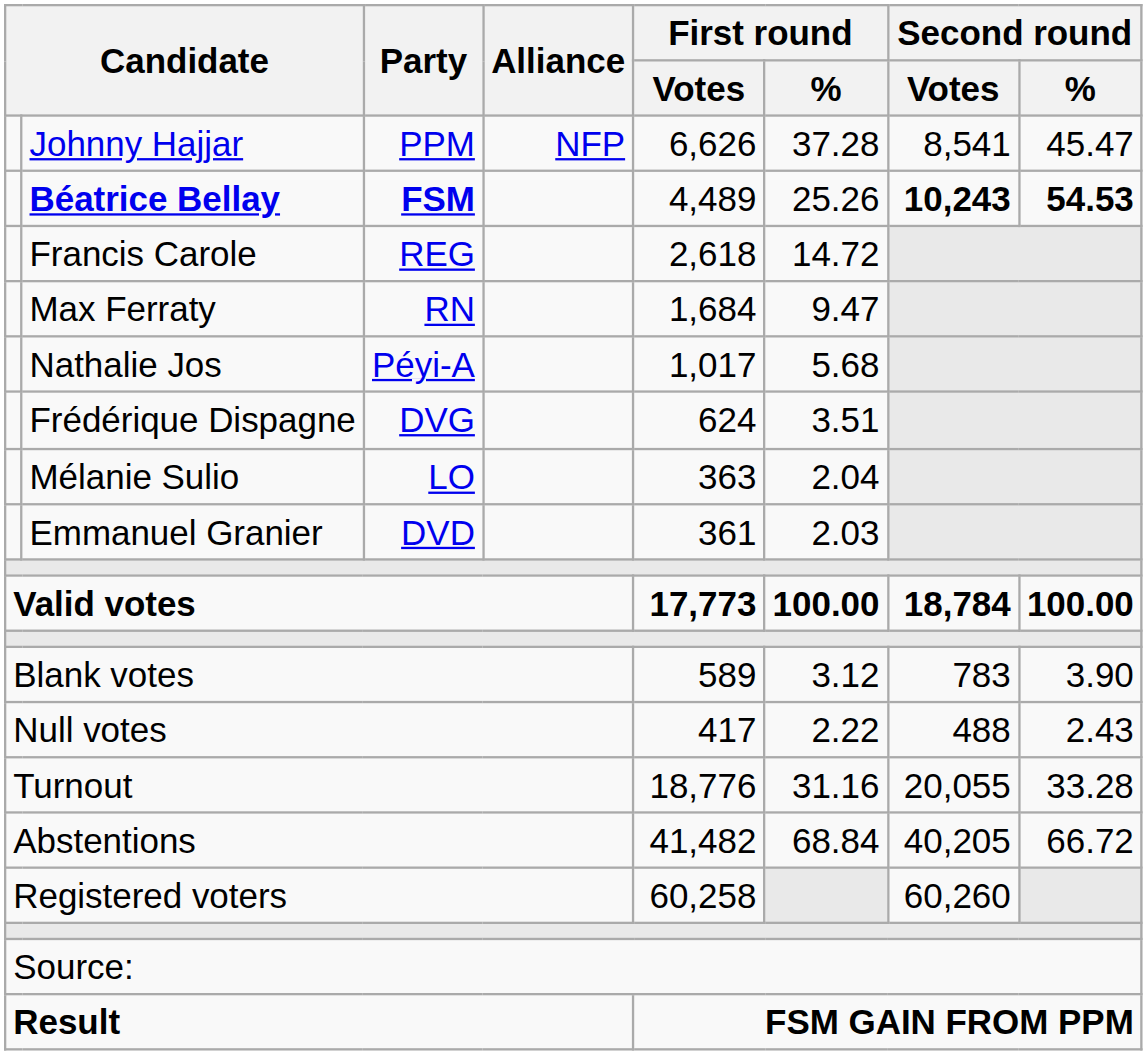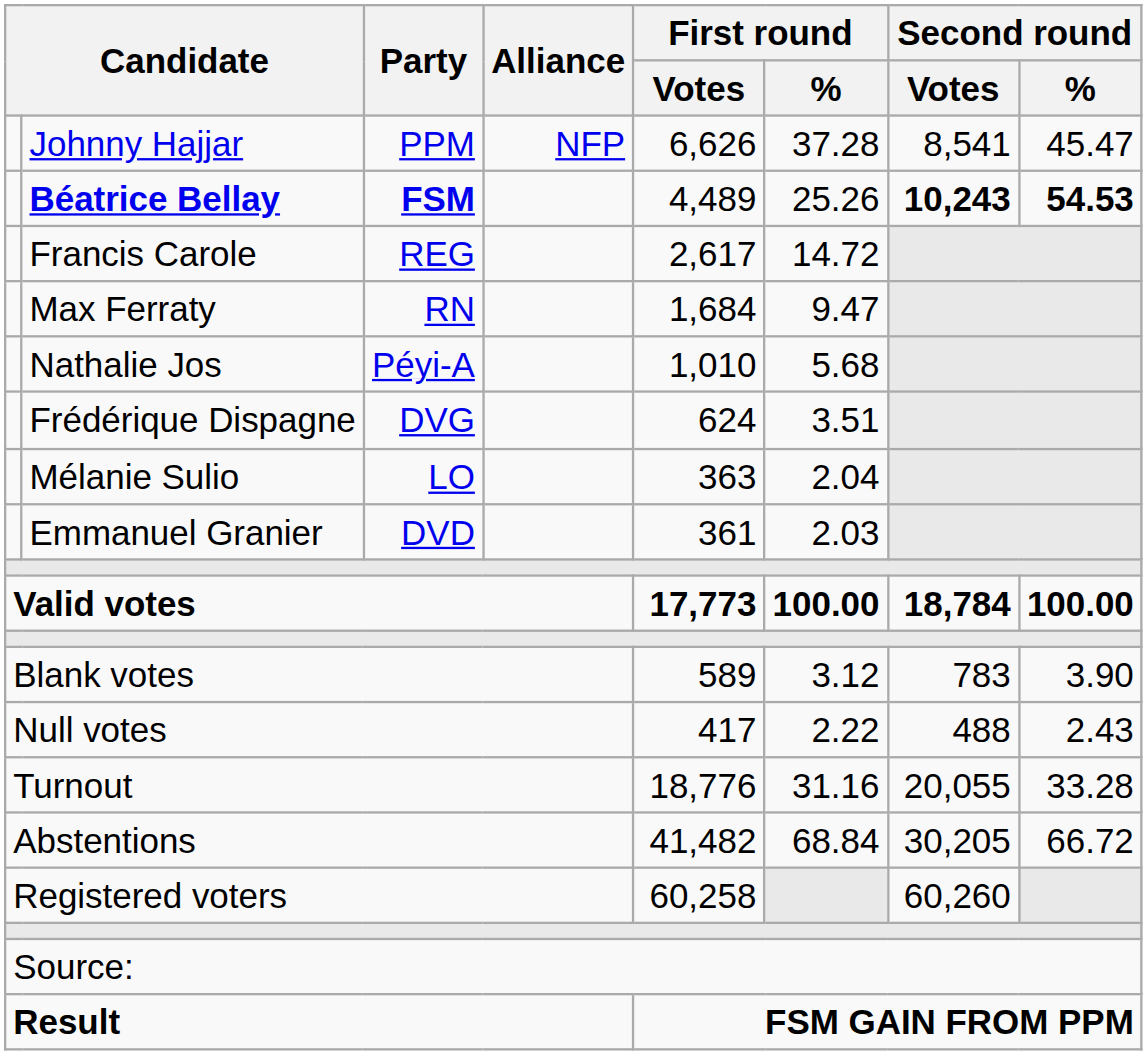 <table class="wikitable" style="text-align:right;font-size:95%;">
 <tr>
 <th colspan="2" rowspan="2">Candidate</th>
 <th colspan="1" rowspan="2">Party</th>
 <th colspan="1" rowspan="2">Alliance</th>
 <th colspan="2">First round</th>
 <th colspan="2">Second round</th>
 </tr>
 <tr>
 <th style="width:50px;">Votes</th>
 <th style="width:45px;">%</th>
 <th style="width:50px;">Votes</th>
 <th style="width:45px;">%</th>
 </tr>
 <tr>
 <td style="color:inherit;background:"></td>
 <td style="text-align:left;"><a href='#'>Johnny Hajjar</a></td>
 <td><a href='#'>PPM</a></td>
 <td><a href='#'>NFP</a></td>
 <td>6,626</td>
 <td>37.28</td>
 <td>8,541</td>
 <td>45.47</td>
 </tr>
 <tr>
 <td style="color:inherit;background:"></td>
 <td style="text-align:left;"><strong><a href='#'>Béatrice Bellay</a></strong></td>
 <td><a href='#'><strong>FSM</strong></a></td>
 <td></td>
 <td>4,489</td>
 <td>25.26</td>
 <td><strong>10,243</strong></td>
 <td><strong>54.53</strong></td>
 </tr>
 <tr>
 <td style="color:inherit;background:"></td>
 <td style="text-align:left;">Francis Carole</td>
 <td><a href='#'>REG</a></td>
 <td></td>
-<td>2,618</td>
+<td>2,617</td>
 <td>14.72</td>
 <td colspan="2" rowspan="1" style="background:#E9E9E9;"></td>
 </tr>
 <tr>
 <td style="color:inherit;background:"></td>
 <td style="text-align:left;">Max Ferraty</td>
 <td><a href='#'>RN</a></td>
 <td></td>
 <td>1,684</td>
 <td>9.47</td>
 <td colspan="2" rowspan="1" style="background:#E9E9E9;"></td>
 </tr>
 <tr>
 <td style="color:inherit;background:"></td>
 <td style="text-align:left;">Nathalie Jos</td>
 <td><a href='#'>Péyi-A</a></td>
 <td></td>
-<td>1,017</td>
+<td>1,010</td>
 <td>5.68</td>
 <td colspan="2" rowspan="1" style="background:#E9E9E9;"></td>
 </tr>
 <tr>
 <td style="color:inherit;background:"></td>
 <td style="text-align:left;">Frédérique Dispagne</td>
 <td><a href='#'>DVG</a></td>
 <td></td>
 <td>624</td>
 <td>3.51</td>
 <td colspan="2" rowspan="1" style="background:#E9E9E9;"></td>
 </tr>
 <tr>
 <td style="color:inherit;background:"></td>
 <td style="text-align:left;">Mélanie Sulio</td>
 <td><a href='#'>LO</a></td>
 <td></td>
 <td>363</td>
 <td>2.04</td>
 <td colspan="2" rowspan="1" style="background:#E9E9E9;"></td>
 </tr>
 <tr>
 <td style="color:inherit;background:"></td>
 <td style="text-align:left;">Emmanuel Granier</td>
 <td><a href='#'>DVD</a></td>
 <td></td>
 <td>361</td>
 <td>2.03</td>
 <td colspan="2" rowspan="1" style="background:#E9E9E9;"></td>
 </tr>
 <tr>
 <td colspan="8" style="background:#E9E9E9;"></td>
 </tr>
 <tr style="font-weight:bold;">
 <td colspan="4" style="text-align:left;">Valid votes</td>
 <td>17,773</td>
 <td>100.00</td>
 <td>18,784</td>
 <td>100.00</td>
 </tr>
 <tr>
 <td colspan="8" style="background:#E9E9E9;"></td>
 </tr>
 <tr>
 <td colspan="4" style="text-align:left;">Blank votes</td>
 <td>589</td>
 <td>3.12</td>
 <td>783</td>
 <td>3.90</td>
 </tr>
 <tr>
 <td colspan="4" style="text-align:left;">Null votes</td>
 <td>417</td>
 <td>2.22</td>
 <td>488</td>
 <td>2.43</td>
 </tr>
 <tr>
 <td colspan="4" style="text-align:left;">Turnout</td>
 <td>18,776</td>
 <td>31.16</td>
 <td>20,055</td>
 <td>33.28</td>
 </tr>
 <tr>
 <td colspan="4" style="text-align:left;">Abstentions</td>
 <td>41,482</td>
 <td>68.84</td>
-<td>40,205</td>
+<td>30,205</td>
 <td>66.72</td>
 </tr>
 <tr>
 <td colspan="4" style="text-align:left;">Registered voters</td>
 <td>60,258</td>
 <td style="background:#E9E9E9;"></td>
 <td>60,260</td>
 <td style="background:#E9E9E9;"></td>
 </tr>
 <tr>
 <td colspan="8" style="background:#E9E9E9;"></td>
 </tr>
 <tr>
 <td colspan="8" style="text-align:left;">Source: </td>
 </tr>
 <tr style="font-weight:bold">
 <td colspan="4" style="text-align:left;">Result</td>
 <td colspan="4" style="background-color:">FSM GAIN FROM PPM</td>
 </tr>
 </table>
